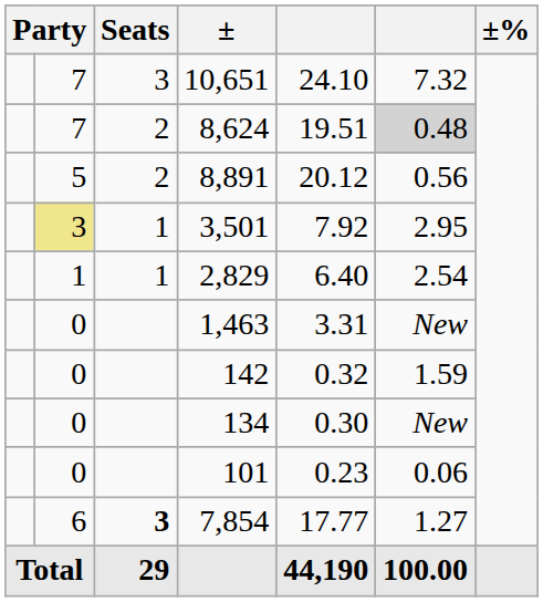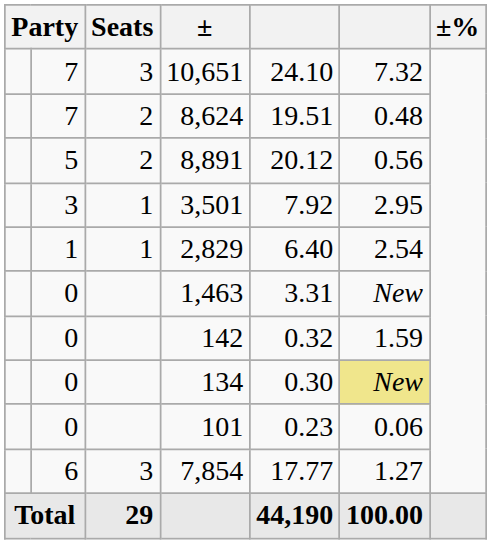 <table class=wikitable>
 <tr>
 <th colspan=2 align=center>Party</th>
 <th>Seats</th>
 <th>±</th>
 <th></th>
 <th></th>
 <th>±%</th>
 </tr>
 <tr>
 <td></td>
 <td align=right>7</td>
 <td align=right>3</td>
 <td align=right>10,651</td>
 <td align=right>24.10</td>
 <td align=right>7.32</td>
 </tr>
 <tr>
 <td></td>
 <td align=right>7</td>
 <td align=right>2</td>
 <td align=right>8,624</td>
 <td align=right>19.51</td>
-<td align=right style="background: lightgrey;">0.48</td>
+<td align=right>0.48</td>
 </tr>
 <tr>
 <td></td>
 <td align=right>5</td>
 <td align=right>2</td>
 <td align=right>8,891</td>
 <td align=right>20.12</td>
 <td align=right>0.56</td>
 </tr>
 <tr>
 <td></td>
-<td align=right style="background: khaki;">3</td>
+<td align=right>3</td>
 <td align=right>1</td>
 <td align=right>3,501</td>
 <td align=right>7.92</td>
 <td align=right>2.95</td>
 </tr>
 <tr>
 <td></td>
 <td align=right>1</td>
 <td align=right>1</td>
 <td align=right>2,829</td>
 <td align=right>6.40</td>
 <td align=right>2.54</td>
 </tr>
 <tr>
 <td></td>
 <td align=right>0</td>
 <td align=right></td>
 <td align=right>1,463</td>
 <td align=right>3.31</td>
 <td align=right><em>New</em></td>
 </tr>
 <tr>
 <td></td>
 <td align=right>0</td>
 <td align=right></td>
 <td align=right>142</td>
 <td align=right>0.32</td>
 <td align=right>1.59</td>
 </tr>
 <tr>
 <td></td>
 <td align=right>0</td>
 <td align=right></td>
 <td align=right>134</td>
 <td align=right>0.30</td>
-<td align=right><em>New</em></td>
+<td align=right style="background: khaki;"><em>New</em></td>
 </tr>
 <tr>
 <td></td>
 <td align=right>0</td>
 <td align=right></td>
 <td align=right>101</td>
 <td align=right>0.23</td>
 <td align=right>0.06</td>
 </tr>
 <tr>
 <td></td>
 <td align=right>6</td>
-<td align=right><strong>3</strong></td>
+<td align=right>3</td>
 <td align=right>7,854</td>
 <td align=right>17.77</td>
 <td align=right>1.27</td>
 </tr>
 <tr style="font-weight:bold; background:rgb(232,232,232);">
 <td colspan=2 align=center>Total</td>
 <td align=right>29</td>
 <td align=right></td>
 <td align=right>44,190</td>
 <td align=right>100.00</td>
 <td align=center></td>
 </tr>
 </table>
